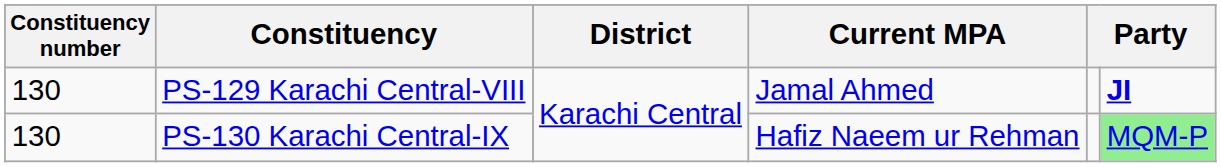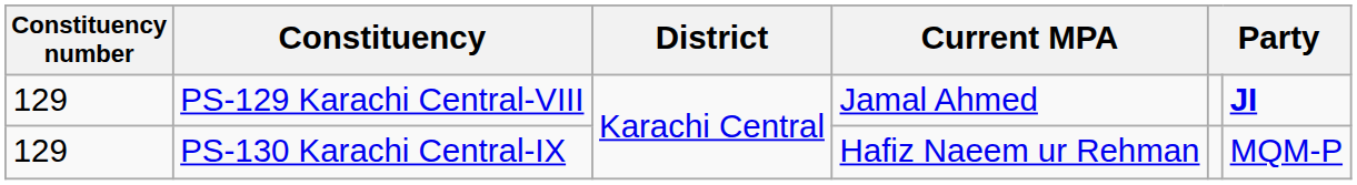 <table class="wikitable">
 <tr>
 <th width="50px" style="font-size:75%">Constituency number</th>
 <th>Constituency</th>
 <th>District</th>
 <th>Current MPA</th>
 <th colspan="2">Party</th>
 </tr>
 <tr>
-<td>130</td>
+<td>129</td>
 <td><a href='#'>PS-129 Karachi Central-VIII</a></td>
 <td rowspan="2"><a href='#'>Karachi Central</a></td>
 <td><a href='#'>Jamal Ahmed</a></td>
 <td></td>
 <td><strong><a href='#'>JI</a></strong></td>
 </tr>
 <tr>
-<td>130</td>
+<td>129</td>
 <td><a href='#'>PS-130 Karachi Central-IX</a></td>
 <td><a href='#'>Hafiz Naeem ur Rehman</a></td>
 <td></td>
-<td style="background: lightgreen;"><a href='#'>MQM-P</a></td>
+<td><a href='#'>MQM-P</a></td>
 </tr>
 </table>
